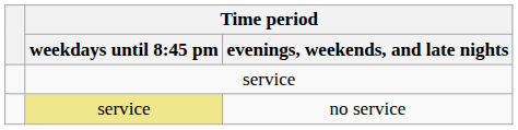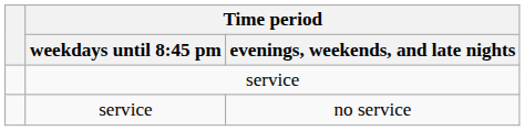 <table class="wikitable">
 <tr>
 <th rowspan=2> </th>
 <th colspan="2">Time period</th>
 </tr>
 <tr>
 <th>weekdays until 8:45 pm</th>
 <th>evenings, weekends, and late nights</th>
 </tr>
 <tr>
 <td width=10></td>
 <td align=center colspan=2>service</td>
 </tr>
 <tr>
 <td></td>
-<td align=center style="background: khaki;">service</td>
+<td align=center>service</td>
 <td align=center>no service</td>
 </tr>
 </table>
